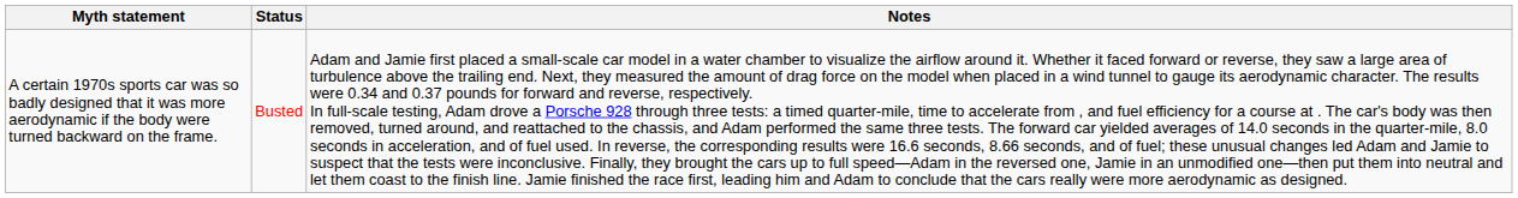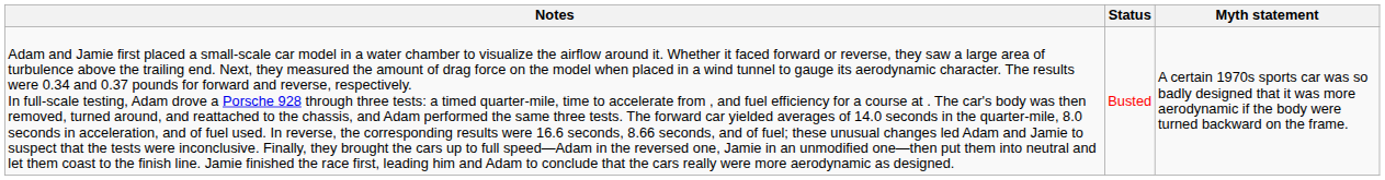 <table class="wikitable plainrowheaders">
 <tr>
+<th>Notes</th>
+<th>Status</th>
 <th>Myth statement</th>
-<th>Status</th>
-<th>Notes</th>
 </tr>
 <tr>
+<td><br>Adam and Jamie first placed a small-scale car model in a water chamber to visualize the airflow around it. Whether it faced forward or reverse, they saw a large area of turbulence above the trailing end. Next, they measured the amount of drag force on the model when placed in a wind tunnel to gauge its aerodynamic character. The results were 0.34 and 0.37 pounds for forward and reverse, respectively.<br>In full-scale testing, Adam drove a <a href='#'>Porsche 928</a> through three tests: a timed quarter-mile, time to accelerate from , and fuel efficiency for a  course at . The car's body was then removed, turned around, and reattached to the chassis, and Adam performed the same three tests. The forward car yielded averages of 14.0 seconds in the quarter-mile, 8.0 seconds in acceleration, and  of fuel used. In reverse, the corresponding results were 16.6 seconds, 8.66 seconds, and  of fuel; these unusual changes led Adam and Jamie to suspect that the tests were inconclusive. Finally, they brought the cars up to full speed—Adam in the reversed one, Jamie in an unmodified one—then put them into neutral and let them coast to the finish line. Jamie finished the race first, leading him and Adam to conclude that the cars really were more aerodynamic as designed.</td>
+<td style="color:red">Busted</td>
 <td>A certain 1970s sports car was so badly designed that it was more aerodynamic if the body were turned backward on the frame.</td>
-<td style="color:red">Busted</td>
-<td><br>Adam and Jamie first placed a small-scale car model in a water chamber to visualize the airflow around it. Whether it faced forward or reverse, they saw a large area of turbulence above the trailing end. Next, they measured the amount of drag force on the model when placed in a wind tunnel to gauge its aerodynamic character. The results were 0.34 and 0.37 pounds for forward and reverse, respectively.<br>In full-scale testing, Adam drove a <a href='#'>Porsche 928</a> through three tests: a timed quarter-mile, time to accelerate from , and fuel efficiency for a  course at . The car's body was then removed, turned around, and reattached to the chassis, and Adam performed the same three tests. The forward car yielded averages of 14.0 seconds in the quarter-mile, 8.0 seconds in acceleration, and  of fuel used. In reverse, the corresponding results were 16.6 seconds, 8.66 seconds, and  of fuel; these unusual changes led Adam and Jamie to suspect that the tests were inconclusive. Finally, they brought the cars up to full speed—Adam in the reversed one, Jamie in an unmodified one—then put them into neutral and let them coast to the finish line. Jamie finished the race first, leading him and Adam to conclude that the cars really were more aerodynamic as designed.</td>
 </tr>
 </table>
